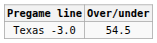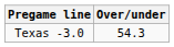 <table class="wikitable" style="margin-left: auto; margin-right: auto; border: none; display: inline-table;">
 <tr align="center">
 <th style=>Pregame line</th>
 <th style=>Over/under</th>
 </tr>
 <tr align="center">
 <td>Texas -3.0</td>
-<td>54.5</td>
+<td>54.3</td>
 </tr>
 </table>
